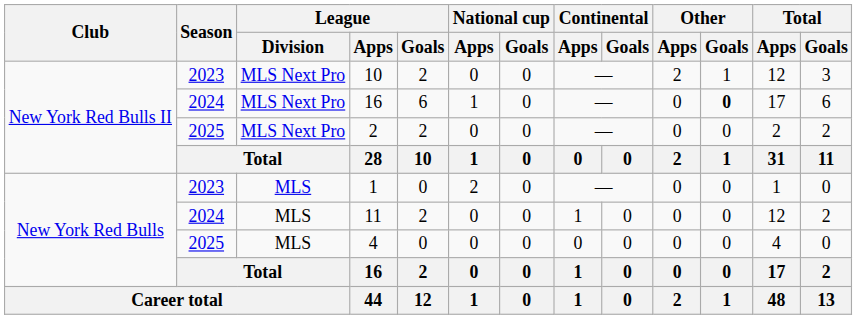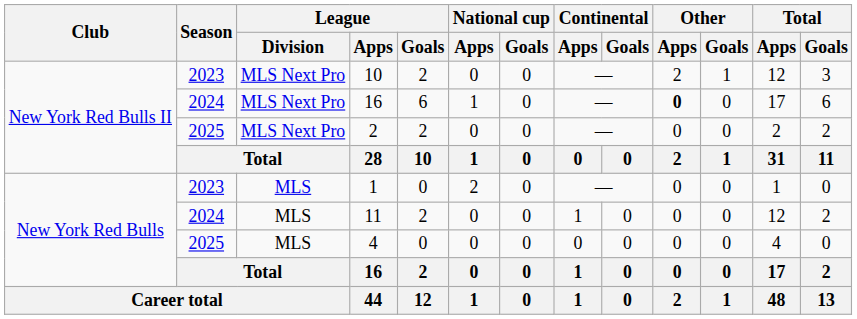 <table class=wikitable style=text-align:center>
 <tr>
 <th rowspan=2>Club</th>
 <th rowspan=2>Season</th>
 <th colspan=3>League</th>
 <th colspan=2>National cup</th>
 <th colspan=2>Continental</th>
 <th colspan=2>Other</th>
 <th colspan=2>Total</th>
 </tr>
 <tr>
 <th>Division</th>
 <th>Apps</th>
 <th>Goals</th>
 <th>Apps</th>
 <th>Goals</th>
 <th>Apps</th>
 <th>Goals</th>
 <th>Apps</th>
 <th>Goals</th>
 <th>Apps</th>
 <th>Goals</th>
 </tr>
 <tr>
 <td rowspan=4><a href='#'>New York Red Bulls II</a></td>
 <td><a href='#'>2023</a></td>
 <td><a href='#'>MLS Next Pro</a></td>
 <td>10</td>
 <td>2</td>
 <td>0</td>
 <td>0</td>
 <td colspan=2>—</td>
 <td>2</td>
 <td>1</td>
 <td>12</td>
 <td>3</td>
 </tr>
 <tr>
 <td><a href='#'>2024</a></td>
 <td><a href='#'>MLS Next Pro</a></td>
 <td>16</td>
 <td>6</td>
 <td>1</td>
 <td>0</td>
 <td colspan=2>—</td>
+<td><strong>0</strong></td>
 <td>0</td>
-<td><strong>0</strong></td>
 <td>17</td>
 <td>6</td>
 </tr>
 <tr>
 <td><a href='#'>2025</a></td>
 <td><a href='#'>MLS Next Pro</a></td>
 <td>2</td>
 <td>2</td>
 <td>0</td>
 <td>0</td>
 <td colspan=2>—</td>
 <td>0</td>
 <td>0</td>
 <td>2</td>
 <td>2</td>
 </tr>
 <tr>
 <th colspan=2>Total</th>
 <th>28</th>
 <th>10</th>
 <th>1</th>
 <th>0</th>
 <th>0</th>
 <th>0</th>
 <th>2</th>
 <th>1</th>
 <th>31</th>
 <th>11</th>
 </tr>
 <tr>
 <td rowspan=4><a href='#'>New York Red Bulls</a></td>
 <td><a href='#'>2023</a></td>
 <td><a href='#'>MLS</a></td>
 <td>1</td>
 <td>0</td>
 <td>2</td>
 <td>0</td>
 <td colspan=2>—</td>
 <td>0</td>
 <td>0</td>
 <td>1</td>
 <td>0</td>
 </tr>
 <tr>
 <td><a href='#'>2024</a></td>
 <td>MLS</td>
 <td>11</td>
 <td>2</td>
 <td>0</td>
 <td>0</td>
 <td>1</td>
 <td>0</td>
 <td>0</td>
 <td>0</td>
 <td>12</td>
 <td>2</td>
 </tr>
 <tr>
 <td><a href='#'>2025</a></td>
 <td>MLS</td>
 <td>4</td>
 <td>0</td>
 <td>0</td>
 <td>0</td>
 <td>0</td>
 <td>0</td>
 <td>0</td>
 <td>0</td>
 <td>4</td>
 <td>0</td>
 </tr>
 <tr>
 <th colspan=2>Total</th>
 <th>16</th>
 <th>2</th>
 <th>0</th>
 <th>0</th>
 <th>1</th>
 <th>0</th>
 <th>0</th>
 <th>0</th>
 <th>17</th>
 <th>2</th>
 </tr>
 <tr>
 <th colspan=3>Career total</th>
 <th>44</th>
 <th>12</th>
 <th>1</th>
 <th>0</th>
 <th>1</th>
 <th>0</th>
 <th>2</th>
 <th>1</th>
 <th>48</th>
 <th>13</th>
 </tr>
 </table>
